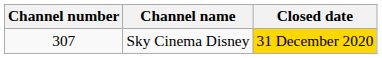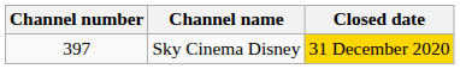 <table class="wikitable" style="text-align: center; style:text-align: center">
 <tr>
 <th>Channel number</th>
 <th>Channel name</th>
 <th>Closed date</th>
 </tr>
 <tr>
-<td>307</td>
+<td>397</td>
 <td>Sky Cinema Disney</td>
 <td style="background: gold;">31 December 2020</td>
 </tr>
 </table>
